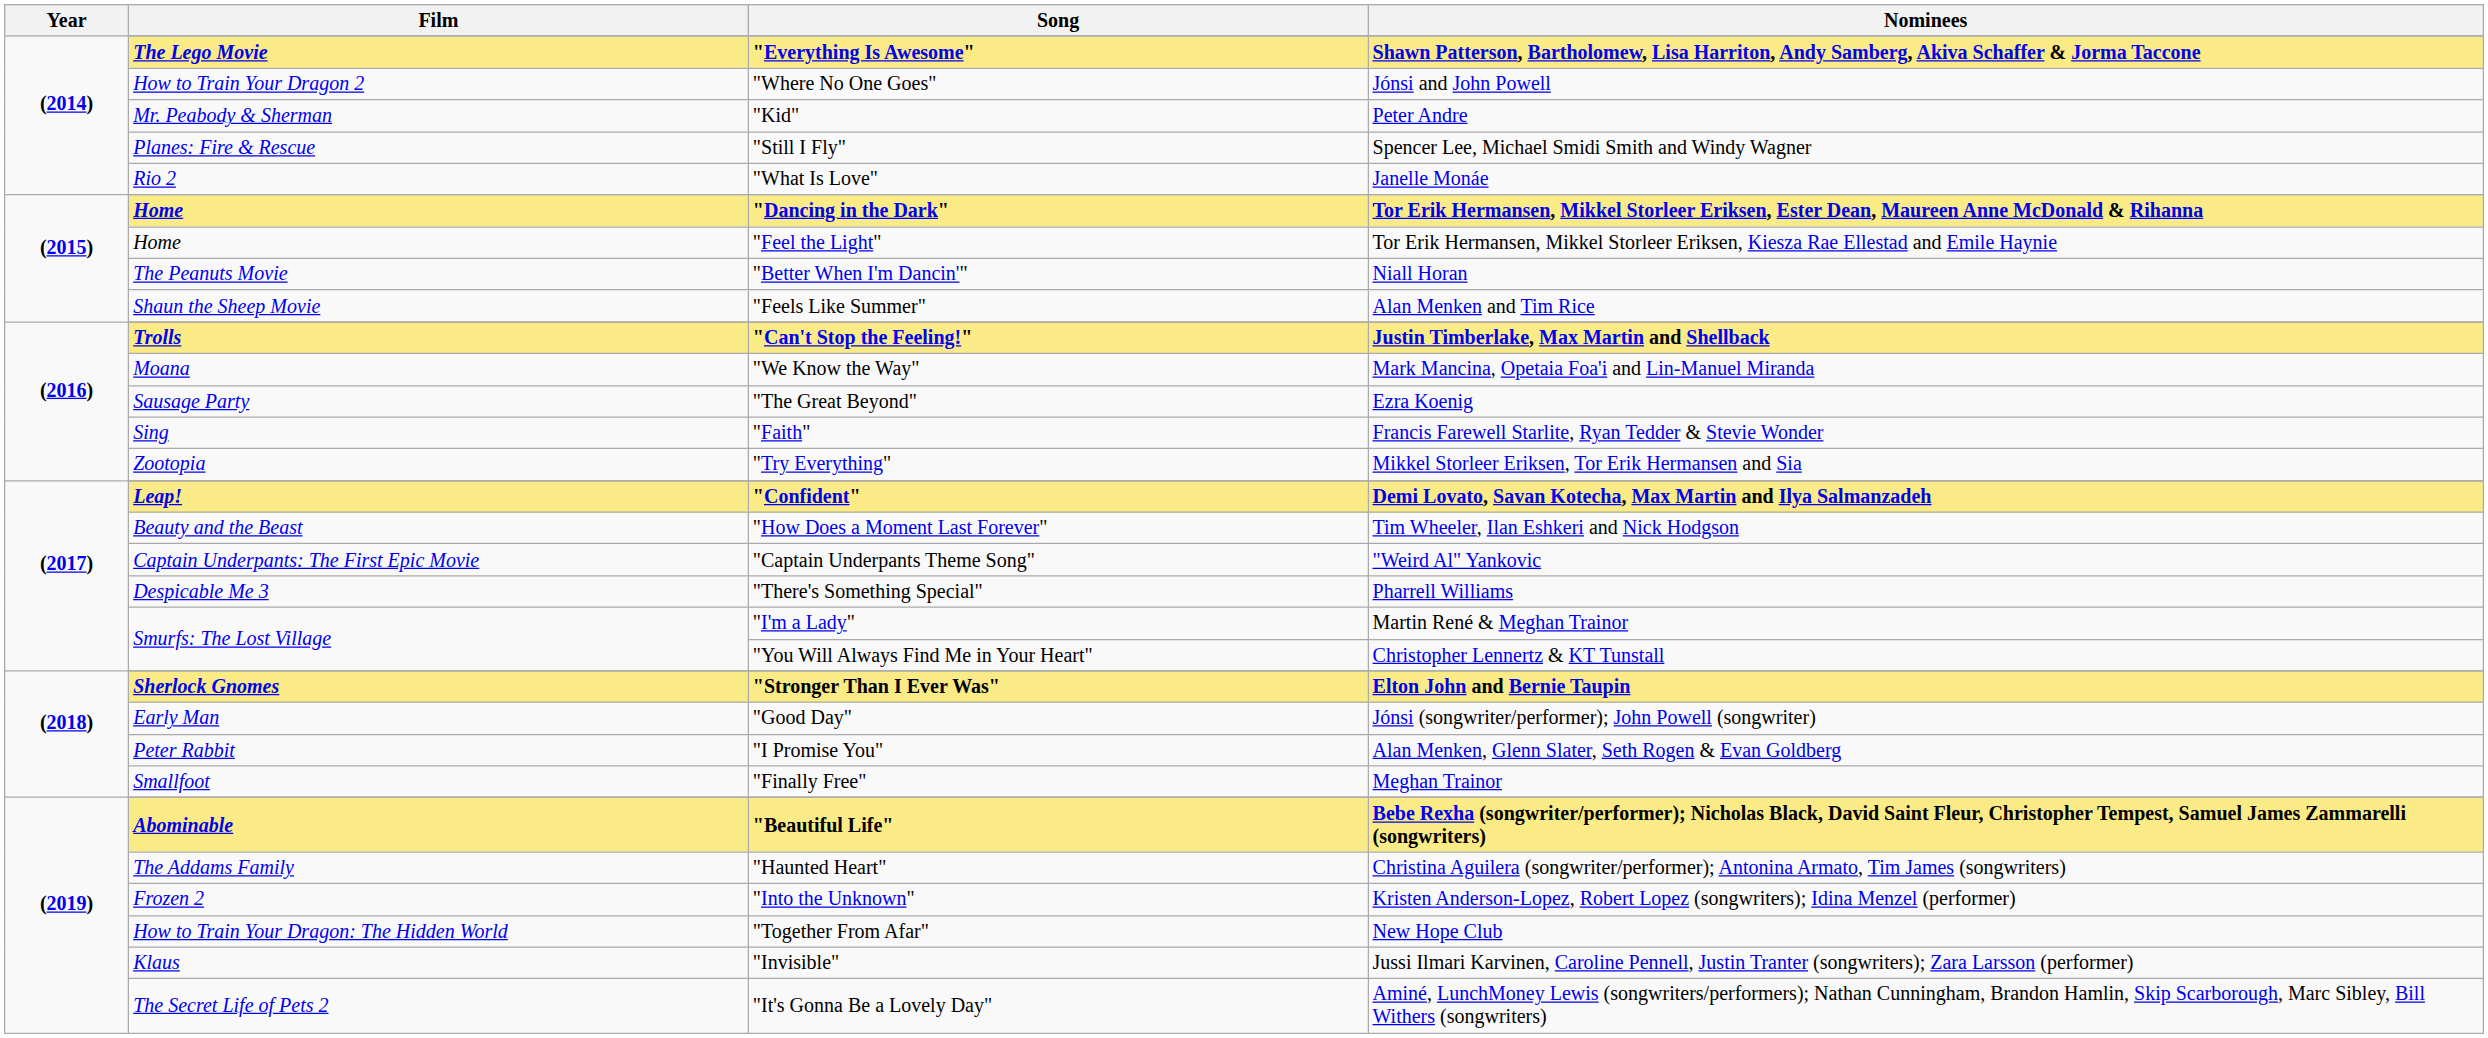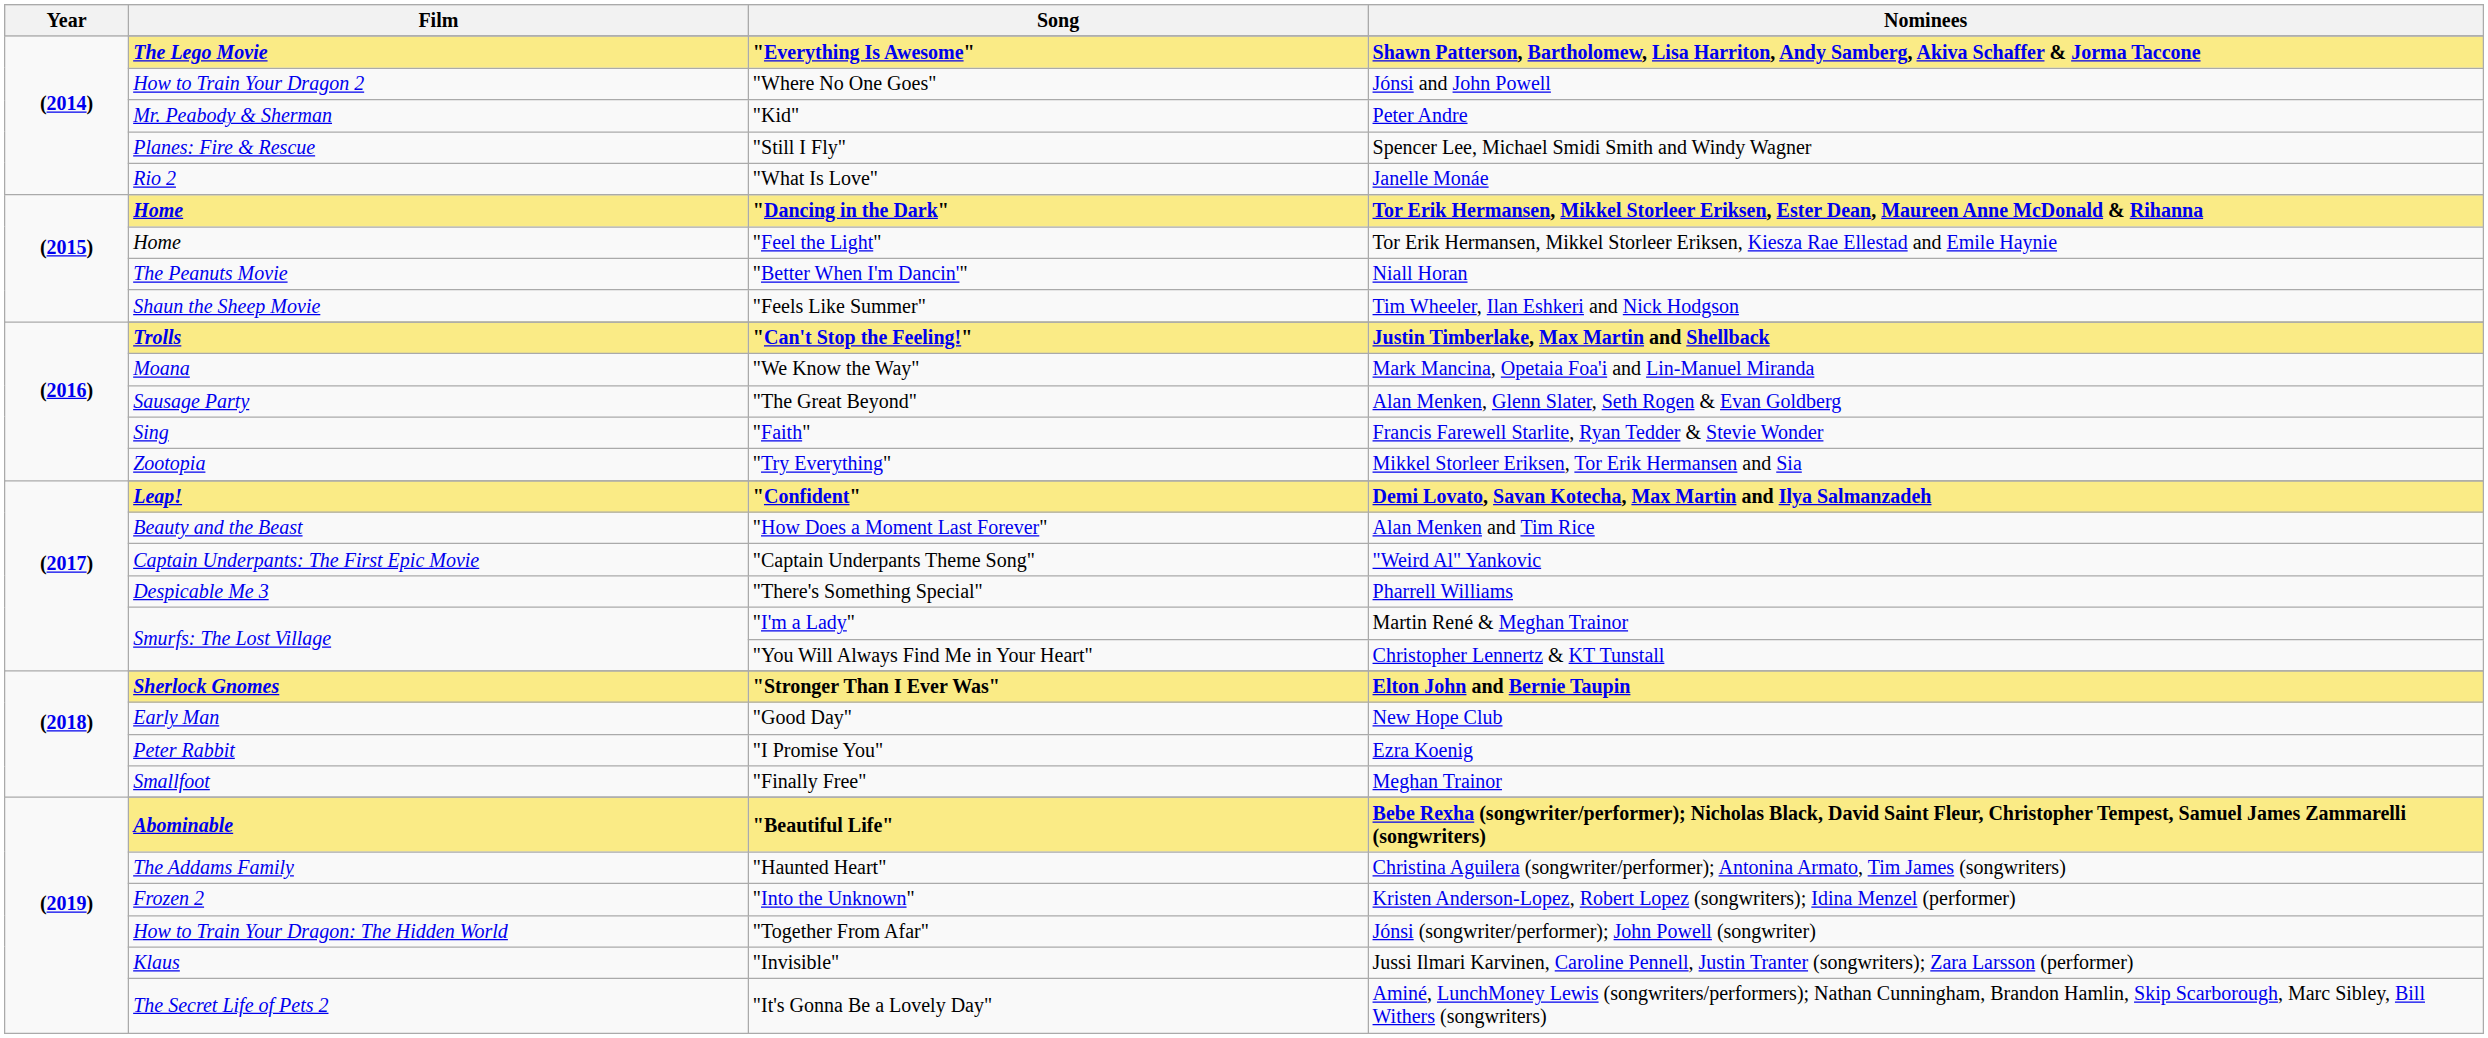 <table class="wikitable" style="width:100%">
 <tr bgcolor="#bebebe">
 <th width="5%">Year</th>
 <th width="25%">Film</th>
 <th width="25%">Song</th>
 <th width="45%">Nominees</th>
 </tr>
 <tr>
 <td rowspan=6 style="text-align:center"><strong>(<a href='#'>2014</a>)</strong><br> <br></td>
 </tr>
 <tr style="background:#FAEB86">
 <td><strong><em><a href='#'>The Lego Movie</a></em></strong></td>
 <td><strong>"<a href='#'>Everything Is Awesome</a>"</strong></td>
 <td><strong><a href='#'>Shawn Patterson</a>, <a href='#'>Bartholomew</a>, <a href='#'>Lisa Harriton</a>, <a href='#'>Andy Samberg</a>, <a href='#'>Akiva Schaffer</a> & <a href='#'>Jorma Taccone</a></strong></td>
 </tr>
 <tr>
 <td><em><a href='#'>How to Train Your Dragon 2</a></em></td>
 <td>"Where No One Goes"</td>
 <td><a href='#'>Jónsi</a> and <a href='#'>John Powell</a></td>
 </tr>
 <tr>
 <td><em><a href='#'>Mr. Peabody & Sherman</a></em></td>
 <td>"Kid"</td>
 <td><a href='#'>Peter Andre</a></td>
 </tr>
 <tr>
 <td><em><a href='#'>Planes: Fire & Rescue</a></em></td>
 <td>"Still I Fly"</td>
 <td>Spencer Lee, Michael Smidi Smith and Windy Wagner</td>
 </tr>
 <tr>
 <td><em><a href='#'>Rio 2</a></em></td>
 <td>"What Is Love"</td>
 <td><a href='#'>Janelle Monáe</a></td>
 </tr>
 <tr>
 <td rowspan=5 style="text-align:center"><strong>(<a href='#'>2015</a>)</strong><br> <br></td>
 </tr>
 <tr style="background:#FAEB86">
 <td><strong><em><a href='#'>Home</a></em></strong></td>
 <td><strong>"<a href='#'>Dancing in the Dark</a>"</strong></td>
 <td><strong><a href='#'>Tor Erik Hermansen</a>, <a href='#'>Mikkel Storleer Eriksen</a>, <a href='#'>Ester Dean</a>, <a href='#'>Maureen Anne McDonald</a> & <a href='#'>Rihanna</a></strong></td>
 </tr>
 <tr>
 <td><em>Home</em></td>
 <td>"<a href='#'>Feel the Light</a>"</td>
 <td>Tor Erik Hermansen, Mikkel Storleer Eriksen, <a href='#'>Kiesza Rae Ellestad</a> and <a href='#'>Emile Haynie</a></td>
 </tr>
 <tr>
 <td><em><a href='#'>The Peanuts Movie</a></em></td>
 <td>"<a href='#'>Better When I'm Dancin'</a>"</td>
 <td><a href='#'>Niall Horan</a></td>
 </tr>
 <tr>
 <td><em><a href='#'>Shaun the Sheep Movie</a></em></td>
 <td>"Feels Like Summer"</td>
-<td><a href='#'>Alan Menken</a> and <a href='#'>Tim Rice</a></td>
+<td><a href='#'>Tim Wheeler</a>, <a href='#'>Ilan Eshkeri</a> and <a href='#'>Nick Hodgson</a></td>
 </tr>
 <tr>
 <td rowspan=6 style="text-align:center"><strong>(<a href='#'>2016</a>)</strong><br> <br></td>
 </tr>
 <tr style="background:#FAEB86">
 <td><strong><em><a href='#'>Trolls</a></em></strong></td>
 <td><strong>"<a href='#'>Can't Stop the Feeling!</a>"</strong></td>
 <td><strong><a href='#'>Justin Timberlake</a>, <a href='#'>Max Martin</a> and <a href='#'>Shellback</a></strong></td>
 </tr>
 <tr>
 <td><em><a href='#'>Moana</a></em></td>
 <td>"We Know the Way"</td>
 <td><a href='#'>Mark Mancina</a>, <a href='#'>Opetaia Foa'i</a> and <a href='#'>Lin-Manuel Miranda</a></td>
 </tr>
 <tr>
 <td><em><a href='#'>Sausage Party</a></em></td>
 <td>"The Great Beyond"</td>
-<td><a href='#'>Ezra Koenig</a></td>
+<td><a href='#'>Alan Menken</a>, <a href='#'>Glenn Slater</a>, <a href='#'>Seth Rogen</a> & <a href='#'>Evan Goldberg</a></td>
 </tr>
 <tr>
 <td><em><a href='#'>Sing</a></em></td>
 <td>"<a href='#'>Faith</a>"</td>
 <td><a href='#'>Francis Farewell Starlite</a>, <a href='#'>Ryan Tedder</a> & <a href='#'>Stevie Wonder</a></td>
 </tr>
 <tr>
 <td><em><a href='#'>Zootopia</a></em></td>
 <td>"<a href='#'>Try Everything</a>"</td>
 <td><a href='#'>Mikkel Storleer Eriksen</a>, <a href='#'>Tor Erik Hermansen</a> and <a href='#'>Sia</a></td>
 </tr>
 <tr>
 <td rowspan="7" style="text-align:center"><strong>(<a href='#'>2017</a>)</strong><br> <br></td>
 </tr>
 <tr style="background:#FAEB86">
 <td><strong><em><a href='#'>Leap!</a></em></strong></td>
 <td><strong>"<a href='#'>Confident</a>"</strong></td>
 <td><strong><a href='#'>Demi Lovato</a>, <a href='#'>Savan Kotecha</a>, <a href='#'>Max Martin</a> and <a href='#'>Ilya Salmanzadeh</a></strong></td>
 </tr>
 <tr>
 <td><a href='#'><em>Beauty and the Beast</em></a></td>
 <td>"<a href='#'>How Does a Moment Last Forever</a>"</td>
-<td><a href='#'>Tim Wheeler</a>, <a href='#'>Ilan Eshkeri</a> and <a href='#'>Nick Hodgson</a></td>
+<td><a href='#'>Alan Menken</a> and <a href='#'>Tim Rice</a></td>
 </tr>
 <tr>
 <td><em><a href='#'>Captain Underpants: The First Epic Movie</a></em></td>
 <td>"Captain Underpants Theme Song"</td>
 <td><a href='#'>"Weird Al" Yankovic</a></td>
 </tr>
 <tr>
 <td><em><a href='#'>Despicable Me 3</a></em></td>
 <td>"There's Something Special"</td>
 <td><a href='#'>Pharrell Williams</a></td>
 </tr>
 <tr>
 <td rowspan="2"><em><a href='#'>Smurfs: The Lost Village</a></em></td>
 <td>"<a href='#'>I'm a Lady</a>"</td>
 <td>Martin René & <a href='#'>Meghan Trainor</a></td>
 </tr>
 <tr>
 <td>"You Will Always Find Me in Your Heart"</td>
 <td><a href='#'>Christopher Lennertz</a> & <a href='#'>KT Tunstall</a></td>
 </tr>
 <tr>
 <td rowspan=5 style="text-align:center"><strong>(<a href='#'>2018</a>)</strong><br> <br></td>
 </tr>
 <tr style="background:#FAEB86">
 <td><strong><em><a href='#'>Sherlock Gnomes</a></em></strong></td>
 <td><strong>"Stronger Than I Ever Was"</strong></td>
 <td><strong><a href='#'>Elton John</a> and <a href='#'>Bernie Taupin</a></strong></td>
 </tr>
 <tr>
 <td><em><a href='#'>Early Man</a></em></td>
 <td>"Good Day"</td>
-<td><a href='#'>Jónsi</a> (songwriter/performer); <a href='#'>John Powell</a> (songwriter)</td>
+<td><a href='#'>New Hope Club</a></td>
 </tr>
 <tr>
 <td><em><a href='#'>Peter Rabbit</a></em></td>
 <td>"I Promise You"</td>
-<td><a href='#'>Alan Menken</a>, <a href='#'>Glenn Slater</a>, <a href='#'>Seth Rogen</a> & <a href='#'>Evan Goldberg</a></td>
+<td><a href='#'>Ezra Koenig</a></td>
 </tr>
 <tr>
 <td><em><a href='#'>Smallfoot</a></em></td>
 <td>"Finally Free"</td>
 <td><a href='#'>Meghan Trainor</a></td>
 </tr>
 <tr>
 <td rowspan=7 style="text-align:center"><strong>(<a href='#'>2019</a>)</strong><br> <br></td>
 </tr>
 <tr style="background:#FAEB86">
 <td><strong><em><a href='#'>Abominable</a></em></strong></td>
 <td><strong>"Beautiful Life"</strong></td>
 <td><strong><a href='#'>Bebe Rexha</a> (songwriter/performer); Nicholas Black, David Saint Fleur, Christopher Tempest, Samuel James Zammarelli (songwriters)</strong></td>
 </tr>
 <tr>
 <td><em><a href='#'>The Addams Family</a></em></td>
 <td>"Haunted Heart"</td>
 <td><a href='#'>Christina Aguilera</a> (songwriter/performer); <a href='#'>Antonina Armato</a>, <a href='#'>Tim James</a> (songwriters)</td>
 </tr>
 <tr>
 <td><em><a href='#'>Frozen 2</a></em></td>
 <td>"<a href='#'>Into the Unknown</a>"</td>
 <td><a href='#'>Kristen Anderson-Lopez</a>, <a href='#'>Robert Lopez</a> (songwriters); <a href='#'>Idina Menzel</a> (performer)</td>
 </tr>
 <tr>
 <td><em><a href='#'>How to Train Your Dragon: The Hidden World</a></em></td>
 <td>"Together From Afar"</td>
-<td><a href='#'>New Hope Club</a></td>
+<td><a href='#'>Jónsi</a> (songwriter/performer); <a href='#'>John Powell</a> (songwriter)</td>
 </tr>
 <tr>
 <td><em><a href='#'>Klaus</a></em></td>
 <td>"Invisible"</td>
 <td>Jussi Ilmari Karvinen, <a href='#'>Caroline Pennell</a>, <a href='#'>Justin Tranter</a> (songwriters); <a href='#'>Zara Larsson</a> (performer)</td>
 </tr>
 <tr>
 <td><em><a href='#'>The Secret Life of Pets 2</a></em></td>
 <td>"It's Gonna Be a Lovely Day"</td>
 <td><a href='#'>Aminé</a>, <a href='#'>LunchMoney Lewis</a> (songwriters/performers); Nathan Cunningham, Brandon Hamlin, <a href='#'>Skip Scarborough</a>, Marc Sibley, <a href='#'>Bill Withers</a> (songwriters)</td>
 </tr>
 </table>
